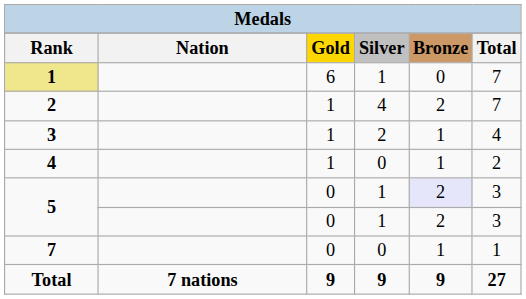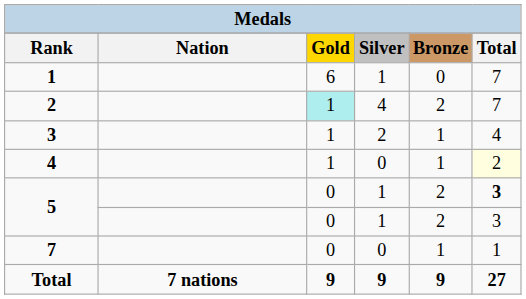 <table class="wikitable" style="text-align:center">
 <tr>
 <td colspan="6" style="background:#BCD4E6"><strong>Medals</strong></td>
 </tr>
 <tr>
 </tr>
 <tr style="background-color:#EDEDED;">
 <th width="75px" class="hintergrundfarbe5">Rank</th>
 <th width="175px" class="hintergrundfarbe6">Nation</th>
 <th style="background:    gold; width:35px ">Gold</th>
 <th style="background:  silver; width:35px ">Silver</th>
 <th style="background: #CC9966; width:35px ">Bronze</th>
 <th width="35px">Total</th>
 </tr>
 <tr>
-<td style="background: khaki;"><strong>1</strong></td>
+<td><strong>1</strong></td>
 <td align=left></td>
 <td>6</td>
 <td>1</td>
 <td>0</td>
 <td>7</td>
 </tr>
 <tr>
 <td><strong>2</strong></td>
 <td align=left></td>
-<td>1</td>
+<td style="background: paleturquoise;">1</td>
 <td>4</td>
 <td>2</td>
 <td>7</td>
 </tr>
 <tr>
 <td><strong>3</strong></td>
 <td align=left></td>
 <td>1</td>
 <td>2</td>
 <td>1</td>
 <td>4</td>
 </tr>
 <tr>
 <td><strong>4</strong></td>
 <td align=left></td>
 <td>1</td>
 <td>0</td>
 <td>1</td>
-<td>2</td>
+<td style="background: lightyellow;">2</td>
 </tr>
 <tr>
 <td rowspan=2><strong>5</strong></td>
 <td align=left></td>
 <td>0</td>
 <td>1</td>
-<td style="background: lavender;">2</td>
-<td>3</td>
+<td>2</td>
+<td><strong>3</strong></td>
 </tr>
 <tr>
 <td align=left></td>
 <td>0</td>
 <td>1</td>
 <td>2</td>
 <td>3</td>
 </tr>
 <tr>
 <td><strong>7</strong></td>
 <td align=left><em></em></td>
 <td>0</td>
 <td>0</td>
 <td>1</td>
 <td>1</td>
 </tr>
 <tr>
 <td><strong>Total</strong></td>
 <td><strong>7 nations</strong></td>
 <td><strong>9</strong></td>
 <td><strong>9</strong></td>
 <td><strong>9</strong></td>
 <td><strong>27</strong></td>
 </tr>
 </table>
